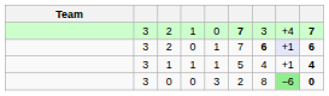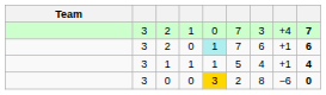 <table class="wikitable" style="text-align: center; font-size: 90%;">
 <tr>
 <th width=165>Team</th>
 <th width=25></th>
 <th width=25></th>
 <th width=25></th>
 <th width=25></th>
 <th width=25></th>
 <th width=25></th>
 <th width=25></th>
 <th width=25></th>
 </tr>
 <tr bgcolor=ccffcc>
 <td align="left"><em></em></td>
 <td>3</td>
 <td>2</td>
 <td>1</td>
 <td>0</td>
-<td><strong>7</strong></td>
+<td>7</td>
 <td>3</td>
 <td>+4</td>
 <td><strong>7</strong></td>
 </tr>
 <tr>
 <td align="left"></td>
 <td>3</td>
 <td>2</td>
 <td>0</td>
-<td>1</td>
+<td style="background: paleturquoise;">1</td>
 <td>7</td>
-<td><strong>6</strong></td>
-<td style="background: lavender;">+1</td>
+<td>6</td>
+<td>+1</td>
 <td><strong>6</strong></td>
 </tr>
 <tr>
 <td align="left"></td>
 <td>3</td>
 <td>1</td>
 <td>1</td>
 <td>1</td>
 <td>5</td>
 <td>4</td>
 <td>+1</td>
 <td><strong>4</strong></td>
 </tr>
 <tr>
 <td align="left"></td>
 <td>3</td>
 <td>0</td>
 <td>0</td>
-<td>3</td>
+<td style="background: gold;">3</td>
 <td>2</td>
 <td>8</td>
-<td style="background: lightgreen;">−6</td>
+<td>−6</td>
 <td><strong>0</strong></td>
 </tr>
 </table>
